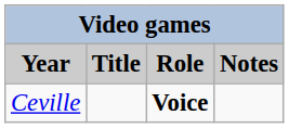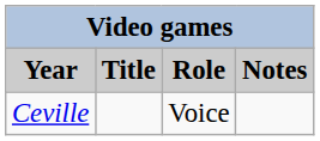 <table class="wikitable">
 <tr>
 <th colspan=4 style="background:#B0C4DE;">Video games</th>
 </tr>
 <tr>
 <th style="background: #CCCCCC;">Year</th>
 <th style="background: #CCCCCC;">Title</th>
 <th style="background: #CCCCCC;">Role</th>
 <th style="background: #CCCCCC;">Notes</th>
 </tr>
 <tr>
 <td><em><a href='#'>Ceville</a></em></td>
 <td></td>
-<td><strong>Voice</strong></td>
+<td>Voice</td>
 </tr>
 </table>
